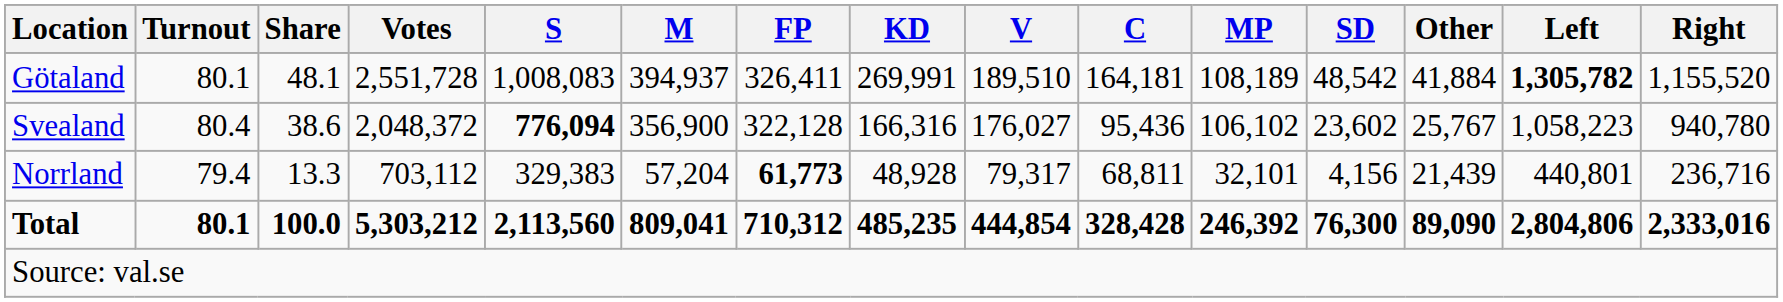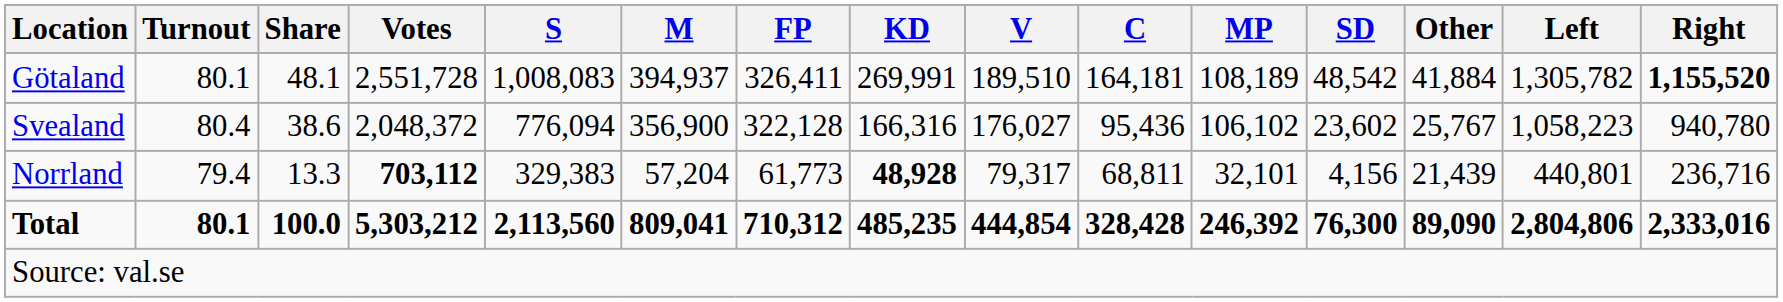 <table class="wikitable sortable" style=text-align:right>
 <tr>
 <th>Location</th>
 <th>Turnout</th>
 <th>Share</th>
 <th>Votes</th>
 <th><a href='#'>S</a></th>
 <th><a href='#'>M</a></th>
 <th><a href='#'>FP</a></th>
 <th><a href='#'>KD</a></th>
 <th><a href='#'>V</a></th>
 <th><a href='#'>C</a></th>
 <th><a href='#'>MP</a></th>
 <th><a href='#'>SD</a></th>
 <th>Other</th>
 <th>Left</th>
 <th>Right</th>
 </tr>
 <tr>
 <td align=left><a href='#'>Götaland</a></td>
 <td>80.1</td>
 <td>48.1</td>
 <td>2,551,728</td>
 <td>1,008,083</td>
 <td>394,937</td>
 <td>326,411</td>
 <td>269,991</td>
 <td>189,510</td>
 <td>164,181</td>
 <td>108,189</td>
 <td>48,542</td>
 <td>41,884</td>
-<td><strong>1,305,782</strong></td>
-<td>1,155,520</td>
+<td>1,305,782</td>
+<td><strong>1,155,520</strong></td>
 </tr>
 <tr>
 <td align=left><a href='#'>Svealand</a></td>
 <td>80.4</td>
 <td>38.6</td>
 <td>2,048,372</td>
-<td><strong>776,094</strong></td>
+<td>776,094</td>
 <td>356,900</td>
 <td>322,128</td>
 <td>166,316</td>
 <td>176,027</td>
 <td>95,436</td>
 <td>106,102</td>
 <td>23,602</td>
 <td>25,767</td>
 <td>1,058,223</td>
 <td>940,780</td>
 </tr>
 <tr>
 <td align=left><a href='#'>Norrland</a></td>
 <td>79.4</td>
 <td>13.3</td>
-<td>703,112</td>
+<td><strong>703,112</strong></td>
 <td>329,383</td>
 <td>57,204</td>
-<td><strong>61,773</strong></td>
-<td>48,928</td>
+<td>61,773</td>
+<td><strong>48,928</strong></td>
 <td>79,317</td>
 <td>68,811</td>
 <td>32,101</td>
 <td>4,156</td>
 <td>21,439</td>
 <td>440,801</td>
 <td>236,716</td>
 </tr>
 <tr>
 <td align=left><strong>Total</strong></td>
 <td><strong>80.1</strong></td>
 <td><strong>100.0</strong></td>
 <td><strong>5,303,212</strong></td>
 <td><strong>2,113,560</strong></td>
 <td><strong>809,041</strong></td>
 <td><strong>710,312</strong></td>
 <td><strong>485,235</strong></td>
 <td><strong>444,854</strong></td>
 <td><strong>328,428</strong></td>
 <td><strong>246,392</strong></td>
 <td><strong>76,300</strong></td>
 <td><strong>89,090</strong></td>
 <td><strong>2,804,806</strong></td>
 <td><strong>2,333,016</strong></td>
 </tr>
 <tr>
 <td align=left colspan=15>Source: val.se </td>
 </tr>
 </table>
